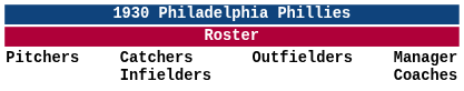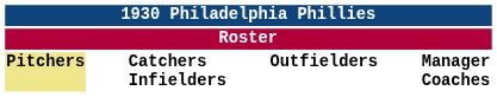 <table class="toccolours" style="font-size: 95%;">
 <tr>
 <th colspan="10" style="background-color: #0f437c; color: white; text-align: center;">1930 Philadelphia Phillies</th>
 </tr>
 <tr>
 <td colspan="10" style="background-color:#af0039; color: white; text-align: center;"><strong>Roster</strong></td>
 </tr>
 <tr>
-<td valign="top"><strong>Pitchers</strong><br>             </td>
+<td valign="top" style="background: khaki;"><strong>Pitchers</strong><br>             </td>
 <td width="25px"></td>
 <td valign="top"><strong>Catchers</strong><br>    <strong>Infielders</strong>      </td>
 <td width="25px"></td>
 <td valign="top"><strong>Outfielders</strong><br>     </td>
 <td width="25px"></td>
 <td valign="top"><strong>Manager</strong><br> <strong>Coaches</strong> </td>
 </tr>
 </table>
